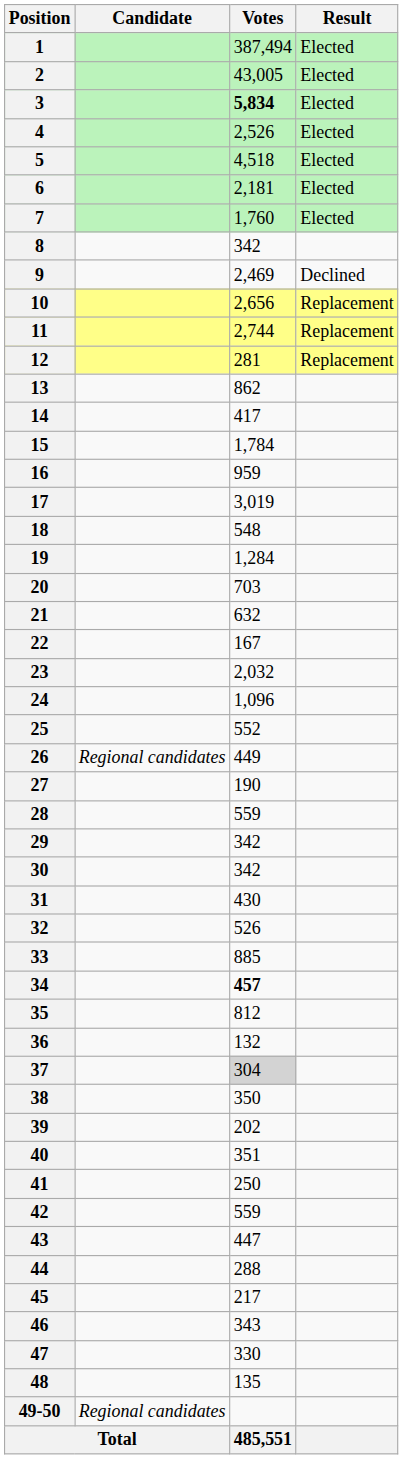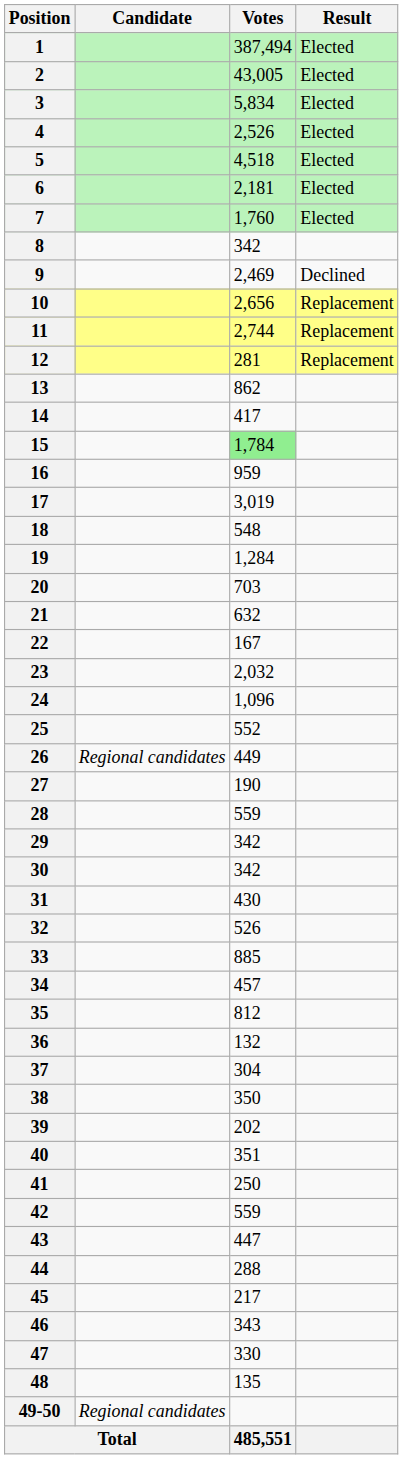 <table class="wikitable sortable col3right">
 <tr>
 <th scope="col">Position</th>
 <th scope="col">Candidate</th>
 <th scope="col">Votes</th>
 <th scope="col">Result</th>
 </tr>
 <tr bgcolor=bbf3bb>
 <th scope="row">1</th>
 <td></td>
 <td>387,494</td>
 <td>Elected</td>
 </tr>
 <tr bgcolor=bbf3bb>
 <th scope="row">2</th>
 <td></td>
 <td>43,005</td>
 <td>Elected</td>
 </tr>
 <tr bgcolor=bbf3bb>
 <th scope="row">3</th>
 <td></td>
-<td><strong>5,834</strong></td>
+<td>5,834</td>
 <td>Elected</td>
 </tr>
 <tr bgcolor=bbf3bb>
 <th scope="row">4</th>
 <td></td>
 <td>2,526</td>
 <td>Elected</td>
 </tr>
 <tr bgcolor=bbf3bb>
 <th scope="row">5</th>
 <td></td>
 <td>4,518</td>
 <td>Elected</td>
 </tr>
 <tr bgcolor=bbf3bb>
 <th scope="row">6</th>
 <td></td>
 <td>2,181</td>
 <td>Elected</td>
 </tr>
 <tr bgcolor=bbf3bb>
 <th scope="row">7</th>
 <td></td>
 <td>1,760</td>
 <td>Elected</td>
 </tr>
 <tr>
 <th scope="row">8</th>
 <td></td>
 <td>342</td>
 <td></td>
 </tr>
 <tr>
 <th scope="row">9</th>
 <td></td>
 <td>2,469</td>
 <td>Declined</td>
 </tr>
 <tr bgcolor=#FF8>
 <th scope="row">10</th>
 <td></td>
 <td>2,656</td>
 <td>Replacement</td>
 </tr>
 <tr bgcolor=#FF8>
 <th scope="row">11</th>
 <td></td>
 <td>2,744</td>
 <td>Replacement</td>
 </tr>
 <tr bgcolor=#FF8>
 <th scope="row">12</th>
 <td></td>
 <td>281</td>
 <td>Replacement</td>
 </tr>
 <tr>
 <th scope="row">13</th>
 <td></td>
 <td>862</td>
 <td></td>
 </tr>
 <tr>
 <th scope="row">14</th>
 <td></td>
 <td>417</td>
 <td></td>
 </tr>
 <tr>
 <th scope="row">15</th>
 <td></td>
-<td>1,784</td>
+<td style="background: lightgreen;">1,784</td>
 <td></td>
 </tr>
 <tr>
 <th scope="row">16</th>
 <td></td>
 <td>959</td>
 <td></td>
 </tr>
 <tr>
 <th scope="row">17</th>
 <td></td>
 <td>3,019</td>
 <td></td>
 </tr>
 <tr>
 <th scope="row">18</th>
 <td></td>
 <td>548</td>
 <td></td>
 </tr>
 <tr>
 <th scope="row">19</th>
 <td></td>
 <td>1,284</td>
 <td></td>
 </tr>
 <tr>
 <th scope="row">20</th>
 <td></td>
 <td>703</td>
 <td></td>
 </tr>
 <tr>
 <th scope="row">21</th>
 <td></td>
 <td>632</td>
 <td></td>
 </tr>
 <tr>
 <th scope="row">22</th>
 <td></td>
 <td>167</td>
 <td></td>
 </tr>
 <tr>
 <th scope="row">23</th>
 <td></td>
 <td>2,032</td>
 <td></td>
 </tr>
 <tr>
 <th scope="row">24</th>
 <td></td>
 <td>1,096</td>
 <td></td>
 </tr>
 <tr>
 <th scope="row">25</th>
 <td></td>
 <td>552</td>
 <td></td>
 </tr>
 <tr>
 <th scope="row">26</th>
 <td><em>Regional candidates</em></td>
 <td>449</td>
 <td></td>
 </tr>
 <tr>
 <th scope="row">27</th>
 <td></td>
 <td>190</td>
 <td></td>
 </tr>
 <tr>
 <th scope="row">28</th>
 <td></td>
 <td>559</td>
 <td></td>
 </tr>
 <tr>
 <th scope="row">29</th>
 <td></td>
 <td>342</td>
 <td></td>
 </tr>
 <tr>
 <th scope="row">30</th>
 <td></td>
 <td>342</td>
 <td></td>
 </tr>
 <tr>
 <th scope="row">31</th>
 <td></td>
 <td>430</td>
 <td></td>
 </tr>
 <tr>
 <th scope="row">32</th>
 <td></td>
 <td>526</td>
 <td></td>
 </tr>
 <tr>
 <th scope="row">33</th>
 <td></td>
 <td>885</td>
 <td></td>
 </tr>
 <tr>
 <th scope="row">34</th>
 <td></td>
-<td><strong>457</strong></td>
+<td>457</td>
 <td></td>
 </tr>
 <tr>
 <th scope="row">35</th>
 <td></td>
 <td>812</td>
 <td></td>
 </tr>
 <tr>
 <th scope="row">36</th>
 <td></td>
 <td>132</td>
 <td></td>
 </tr>
 <tr>
 <th scope="row">37</th>
 <td></td>
-<td style="background: lightgrey;">304</td>
+<td>304</td>
 <td></td>
 </tr>
 <tr>
 <th scope="row">38</th>
 <td></td>
 <td>350</td>
 <td></td>
 </tr>
 <tr>
 <th scope="row">39</th>
 <td></td>
 <td>202</td>
 <td></td>
 </tr>
 <tr>
 <th scope="row">40</th>
 <td></td>
 <td>351</td>
 <td></td>
 </tr>
 <tr>
 <th scope="row">41</th>
 <td></td>
 <td>250</td>
 <td></td>
 </tr>
 <tr>
 <th scope="row">42</th>
 <td></td>
 <td>559</td>
 <td></td>
 </tr>
 <tr>
 <th scope="row">43</th>
 <td></td>
 <td>447</td>
 <td></td>
 </tr>
 <tr>
 <th scope="row">44</th>
 <td></td>
 <td>288</td>
 <td></td>
 </tr>
 <tr>
 <th scope="row">45</th>
 <td></td>
 <td>217</td>
 <td></td>
 </tr>
 <tr>
 <th scope="row">46</th>
 <td></td>
 <td>343</td>
 <td></td>
 </tr>
 <tr>
 <th scope="row">47</th>
 <td></td>
 <td>330</td>
 <td></td>
 </tr>
 <tr>
 <th scope="row">48</th>
 <td></td>
 <td>135</td>
 <td></td>
 </tr>
 <tr>
 <th scope="row">49-50</th>
 <td><em>Regional candidates</em></td>
 <td></td>
 <td></td>
 </tr>
 <tr class=sortbottom>
 <th scope="row" colspan="2">Total</th>
 <th style="text-align:right">485,551</th>
 <th></th>
 </tr>
 </table>
